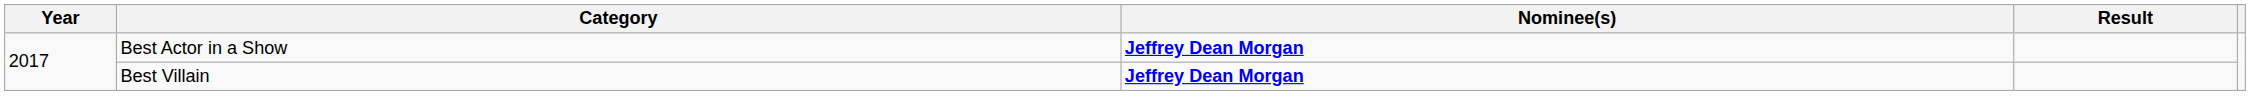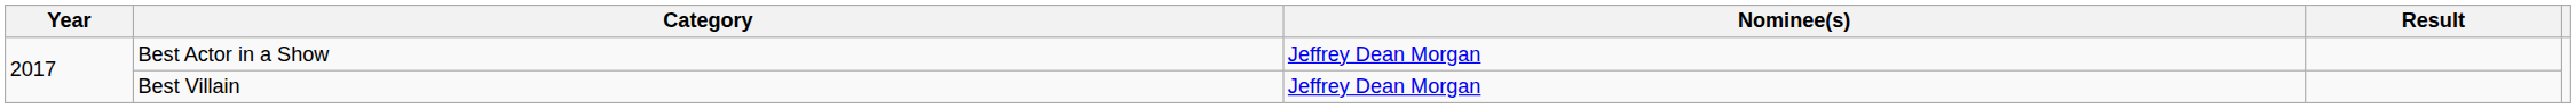 <table class="wikitable" width=100%>
 <tr>
 <th width=5%>Year</th>
 <th width=45%>Category</th>
 <th width=40%>Nominee(s)</th>
 <th width=10%>Result</th>
 <th width=5%></th>
 </tr>
 <tr>
 <td rowspan=2>2017</td>
 <td>Best Actor in a Show</td>
-<td><strong><a href='#'>Jeffrey Dean Morgan</a></strong></td>
+<td><a href='#'>Jeffrey Dean Morgan</a></td>
 <td></td>
 <td rowspan=2></td>
 </tr>
 <tr>
 <td>Best Villain</td>
-<td><strong><a href='#'>Jeffrey Dean Morgan</a></strong></td>
+<td><a href='#'>Jeffrey Dean Morgan</a></td>
 <td></td>
 </tr>
 </table>
